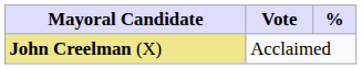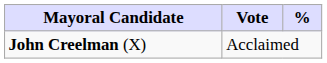 <table class="wikitable">
 <tr>
 <th style="background:#ddf; width:200px;">Mayoral Candidate</th>
 <th style="background:#ddf; width:50px;">Vote</th>
 <th style="background:#ddf; width:30px;">%</th>
 </tr>
 <tr>
-<td style="background: khaki;"><strong>John Creelman</strong> (X)</td>
+<td><strong>John Creelman</strong> (X)</td>
 <td colspan="2">Acclaimed</td>
 </tr>
 </table>
